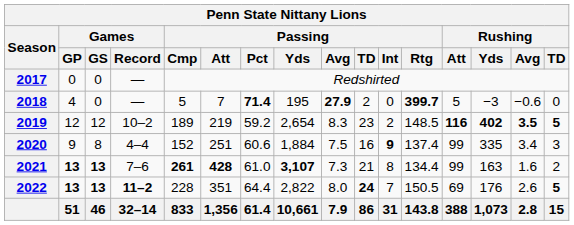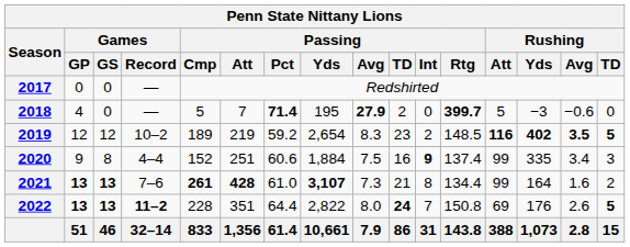 <table class="wikitable" style="text-align:center;">
 <tr>
 <th colspan="16">Penn State Nittany Lions</th>
 </tr>
 <tr>
 <th rowspan="2">Season</th>
 <th colspan="3">Games</th>
 <th colspan="8">Passing</th>
 <th colspan="5">Rushing</th>
 </tr>
 <tr>
 <th>GP</th>
 <th>GS</th>
 <th>Record</th>
 <th>Cmp</th>
 <th>Att</th>
 <th>Pct</th>
 <th>Yds</th>
 <th>Avg</th>
 <th>TD</th>
 <th>Int</th>
 <th>Rtg</th>
 <th>Att</th>
 <th>Yds</th>
 <th>Avg</th>
 <th>TD</th>
 </tr>
 <tr>
 <th><a href='#'>2017</a></th>
 <td>0</td>
 <td>0</td>
 <td>—</td>
 <td colspan="12"><em>Redshirted </em></td>
 </tr>
 <tr>
 <th><a href='#'>2018</a></th>
 <td>4</td>
 <td>0</td>
 <td>—</td>
 <td>5</td>
 <td>7</td>
 <td><strong>71.4</strong></td>
 <td>195</td>
 <td><strong>27.9</strong></td>
 <td>2</td>
 <td>0</td>
 <td><strong>399.7</strong></td>
 <td>5</td>
 <td>−3</td>
 <td>−0.6</td>
 <td>0</td>
 </tr>
 <tr>
 <th><a href='#'>2019</a></th>
 <td>12</td>
 <td>12</td>
 <td>10–2</td>
 <td>189</td>
 <td>219</td>
 <td>59.2</td>
 <td>2,654</td>
 <td>8.3</td>
 <td>23</td>
 <td>2</td>
 <td>148.5</td>
 <td><strong>116</strong></td>
 <td><strong>402</strong></td>
 <td><strong>3.5</strong></td>
 <td><strong>5</strong></td>
 </tr>
 <tr>
 <th><a href='#'>2020</a></th>
 <td>9</td>
 <td>8</td>
 <td>4–4</td>
 <td>152</td>
 <td>251</td>
 <td>60.6</td>
 <td>1,884</td>
 <td>7.5</td>
 <td>16</td>
 <td><strong>9</strong></td>
 <td>137.4</td>
 <td>99</td>
 <td>335</td>
 <td>3.4</td>
 <td>3</td>
 </tr>
 <tr>
 <th><a href='#'>2021</a></th>
 <td><strong>13</strong></td>
 <td><strong>13</strong></td>
 <td>7–6</td>
 <td><strong>261</strong></td>
 <td><strong>428</strong></td>
 <td>61.0</td>
 <td><strong>3,107</strong></td>
 <td>7.3</td>
 <td>21</td>
 <td>8</td>
 <td>134.4</td>
 <td>99</td>
-<td>163</td>
+<td>164</td>
 <td>1.6</td>
 <td>2</td>
 </tr>
 <tr>
 <th><a href='#'>2022</a></th>
 <td><strong>13</strong></td>
 <td><strong>13</strong></td>
 <td><strong>11–2</strong></td>
 <td>228</td>
 <td>351</td>
 <td>64.4</td>
 <td>2,822</td>
 <td>8.0</td>
 <td><strong>24</strong></td>
 <td>7</td>
-<td>150.5</td>
+<td>150.8</td>
 <td>69</td>
 <td>176</td>
 <td>2.6</td>
 <td><strong>5</strong></td>
 </tr>
 <tr>
 <th></th>
 <th>51</th>
 <th>46</th>
 <th>32–14</th>
 <th>833</th>
 <th>1,356</th>
 <th>61.4</th>
 <th>10,661</th>
 <th>7.9</th>
 <th>86</th>
 <th>31</th>
 <th>143.8</th>
 <th>388</th>
 <th>1,073</th>
 <th>2.8</th>
 <th>15</th>
 </tr>
 </table>
